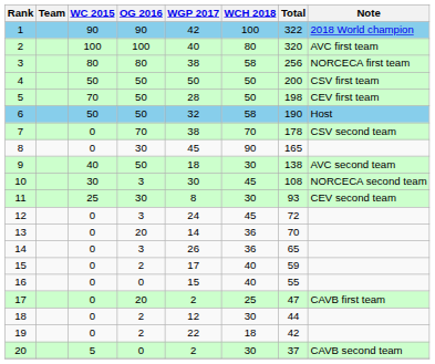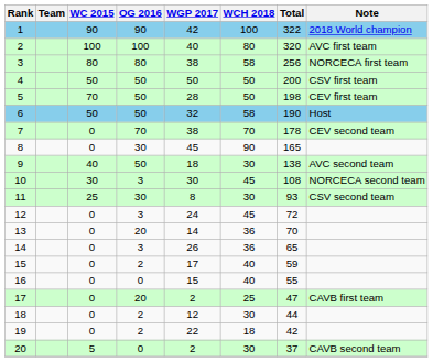 <table class="wikitable" style="text-align: center; margin: 1em auto 1em auto;">
 <tr>
 <th>Rank</th>
 <th>Team</th>
 <th><a href='#'>WC 2015</a></th>
 <th><a href='#'>OG 2016</a></th>
 <th><a href='#'>WGP 2017</a></th>
 <th><a href='#'>WCH 2018</a></th>
 <th>Total</th>
 <th>Note</th>
 </tr>
 <tr style="background: #87CEEB;">
 <td>1</td>
 <td align=left></td>
 <td>90</td>
 <td>90</td>
 <td>42</td>
 <td>100</td>
 <td>322</td>
 <td align=left><a href='#'>2018 World champion</a></td>
 </tr>
 <tr style="background: #CCFFCC;">
 <td>2</td>
 <td align=left></td>
 <td>100</td>
 <td>100</td>
 <td>40</td>
 <td>80</td>
 <td>320</td>
 <td align=left>AVC first team</td>
 </tr>
 <tr style="background: #CCFFCC;">
 <td>3</td>
 <td align=left></td>
 <td>80</td>
 <td>80</td>
 <td>38</td>
 <td>58</td>
 <td>256</td>
 <td align=left>NORCECA first team</td>
 </tr>
 <tr style="background: #CCFFCC;">
 <td>4</td>
 <td align=left></td>
 <td>50</td>
 <td>50</td>
 <td>50</td>
 <td>50</td>
 <td>200</td>
 <td align=left>CSV first team</td>
 </tr>
 <tr style="background: #CCFFCC;">
 <td>5</td>
 <td align=left></td>
 <td>70</td>
 <td>50</td>
 <td>28</td>
 <td>50</td>
 <td>198</td>
 <td align=left>CEV first team</td>
 </tr>
 <tr style="background: #87CEEB;">
 <td>6</td>
 <td align=left></td>
 <td>50</td>
 <td>50</td>
 <td>32</td>
 <td>58</td>
 <td>190</td>
 <td align=left>Host</td>
 </tr>
 <tr style="background: #CCFFCC;">
 <td>7</td>
 <td align=left></td>
 <td>0</td>
 <td>70</td>
 <td>38</td>
 <td>70</td>
 <td>178</td>
-<td align=left>CSV second team</td>
+<td align=left>CEV second team</td>
 </tr>
 <tr>
 <td>8</td>
 <td align=left></td>
 <td>0</td>
 <td>30</td>
 <td>45</td>
 <td>90</td>
 <td>165</td>
 <td align=left></td>
 </tr>
 <tr style="background: #CCFFCC;">
 <td>9</td>
 <td align=left></td>
 <td>40</td>
 <td>50</td>
 <td>18</td>
 <td>30</td>
 <td>138</td>
 <td align=left>AVC second team</td>
 </tr>
 <tr style="background: #CCFFCC;">
 <td>10</td>
 <td align=left></td>
 <td>30</td>
 <td>3</td>
 <td>30</td>
 <td>45</td>
 <td>108</td>
 <td align=left>NORCECA second team</td>
 </tr>
 <tr style="background: #CCFFCC;">
 <td>11</td>
 <td align=left></td>
 <td>25</td>
 <td>30</td>
 <td>8</td>
 <td>30</td>
 <td>93</td>
-<td align=left>CEV second team</td>
+<td align=left>CSV second team</td>
 </tr>
 <tr>
 <td>12</td>
 <td align=left></td>
 <td>0</td>
 <td>3</td>
 <td>24</td>
 <td>45</td>
 <td>72</td>
 <td align=left></td>
 </tr>
 <tr>
 <td>13</td>
 <td align=left></td>
 <td>0</td>
 <td>20</td>
 <td>14</td>
 <td>36</td>
 <td>70</td>
 <td align=left></td>
 </tr>
 <tr>
 <td>14</td>
 <td align=left></td>
 <td>0</td>
 <td>3</td>
 <td>26</td>
 <td>36</td>
 <td>65</td>
 <td align=left></td>
 </tr>
 <tr>
 <td>15</td>
 <td align=left></td>
 <td>0</td>
 <td>2</td>
 <td>17</td>
 <td>40</td>
 <td>59</td>
 <td align=left></td>
 </tr>
 <tr>
 <td>16</td>
 <td align=left></td>
 <td>0</td>
 <td>0</td>
 <td>15</td>
 <td>40</td>
 <td>55</td>
 <td align=left></td>
 </tr>
 <tr style="background: #CCFFCC;">
 <td>17</td>
 <td align=left></td>
 <td>0</td>
 <td>20</td>
 <td>2</td>
 <td>25</td>
 <td>47</td>
 <td align=left>CAVB first team</td>
 </tr>
 <tr>
 <td>18</td>
 <td align=left></td>
 <td>0</td>
 <td>2</td>
 <td>12</td>
 <td>30</td>
 <td>44</td>
 <td align=left></td>
 </tr>
 <tr>
 <td>19</td>
 <td align=left></td>
 <td>0</td>
 <td>2</td>
 <td>22</td>
 <td>18</td>
 <td>42</td>
 <td align=left></td>
 </tr>
 <tr style="background: #CCFFCC;">
 <td>20</td>
 <td align=left></td>
 <td>5</td>
 <td>0</td>
 <td>2</td>
 <td>30</td>
 <td>37</td>
 <td align=left>CAVB second team</td>
 </tr>
 <tr>
 </tr>
 </table>
